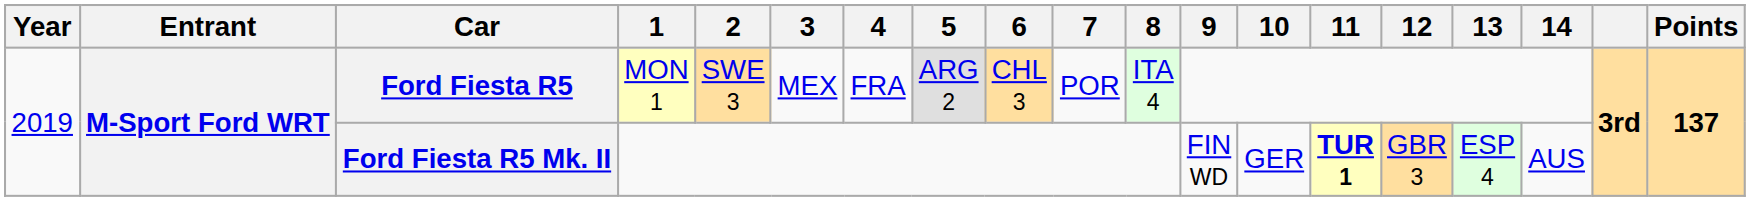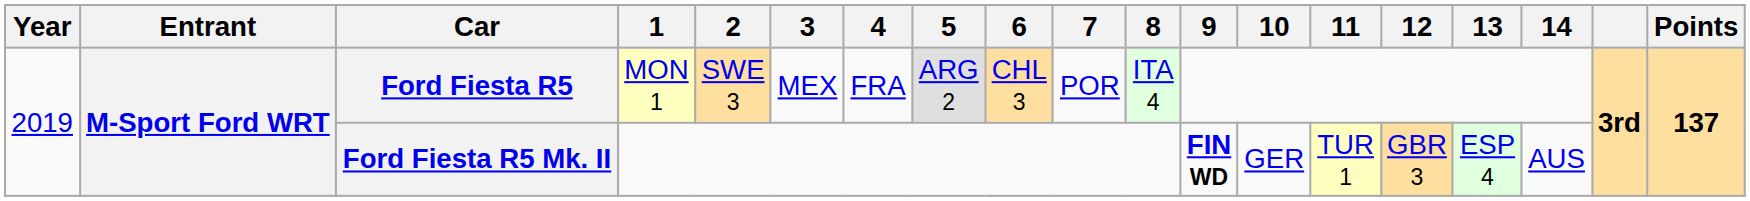 <table class="wikitable" border="1" style="text-align:center; font-size:85%;">
 <tr>
 <th>Year</th>
 <th>Entrant</th>
 <th>Car</th>
 <th>1</th>
 <th>2</th>
 <th>3</th>
 <th>4</th>
 <th>5</th>
 <th>6</th>
 <th>7</th>
 <th>8</th>
 <th>9</th>
 <th>10</th>
 <th>11</th>
 <th>12</th>
 <th>13</th>
 <th>14</th>
 <th></th>
 <th>Points</th>
 </tr>
 <tr>
 <td rowspan="2"><a href='#'>2019</a></td>
 <th rowspan="2" nowrap><a href='#'>M-Sport Ford WRT</a></th>
 <th nowrap><a href='#'>Ford Fiesta R5</a></th>
 <td style="background:#ffffbf;"><a href='#'>MON</a><br><small>1</small></td>
 <td style="background:#ffdf9f;"><a href='#'>SWE</a><br><small>3</small></td>
 <td><a href='#'>MEX</a></td>
 <td><a href='#'>FRA</a></td>
 <td style="background:#dfdfdf;"><a href='#'>ARG</a><br><small>2</small></td>
 <td style="background:#ffdf9f;"><a href='#'>CHL</a><br><small>3</small></td>
 <td><a href='#'>POR</a></td>
 <td style="background:#dfffdf;"><a href='#'>ITA</a><br><small>4</small></td>
 <td colspan=6></td>
 <th rowspan="2" style="background:#ffdf9f;">3rd</th>
 <th rowspan="2" style="background:#ffdf9f;">137</th>
 </tr>
 <tr>
 <th nowrap><a href='#'>Ford Fiesta R5 Mk. II</a></th>
 <td colspan=8></td>
-<td><a href='#'>FIN</a><br><small>WD</small></td>
+<td><strong><a href='#'>FIN</a><br><small>WD</small></strong></td>
 <td><a href='#'>GER</a></td>
-<td style="background:#ffffbf;"><strong><a href='#'>TUR</a><br><small>1</small></strong></td>
+<td style="background:#ffffbf;"><a href='#'>TUR</a><br><small>1</small></td>
 <td style="background:#ffdf9f;"><a href='#'>GBR</a><br><small>3</small></td>
 <td style="background:#dfffdf;"><a href='#'>ESP</a><br><small>4</small></td>
 <td><a href='#'>AUS</a><br></td>
 </tr>
 </table>
